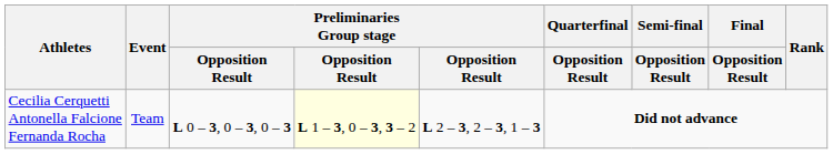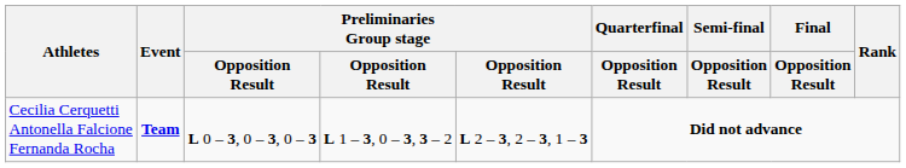 <table class="wikitable" border="1" style="font-size:90%">
 <tr>
 <th rowspan=2>Athletes</th>
 <th rowspan=2>Event</th>
 <th colspan=3>Preliminaries<br>Group stage</th>
 <th>Quarterfinal</th>
 <th>Semi-final</th>
 <th>Final</th>
 <th rowspan=2>Rank</th>
 </tr>
 <tr>
 <th>Opposition<br>Result</th>
 <th>Opposition<br>Result</th>
 <th>Opposition<br>Result</th>
 <th>Opposition<br>Result</th>
 <th>Opposition<br>Result</th>
 <th>Opposition<br>Result</th>
 </tr>
 <tr>
 <td><a href='#'>Cecilia Cerquetti</a><br><a href='#'>Antonella Falcione</a><br><a href='#'>Fernanda Rocha</a></td>
-<td align=center><a href='#'>Team</a></td>
+<td align=center><strong><a href='#'>Team</a></strong></td>
 <td><br><strong>L</strong> 0 – <strong>3</strong>, 0 – <strong>3</strong>, 0 – <strong>3</strong></td>
-<td style="background: lightyellow;"><br><strong>L</strong> 1 – <strong>3</strong>, 0 – <strong>3</strong>, <strong>3</strong> – 2</td>
+<td><br><strong>L</strong> 1 – <strong>3</strong>, 0 – <strong>3</strong>, <strong>3</strong> – 2</td>
 <td><br><strong>L</strong> 2 – <strong>3</strong>, 2 – <strong>3</strong>, 1 – <strong>3</strong></td>
 <td align="center" colspan="7"><strong>Did not advance</strong></td>
 </tr>
 </table>
